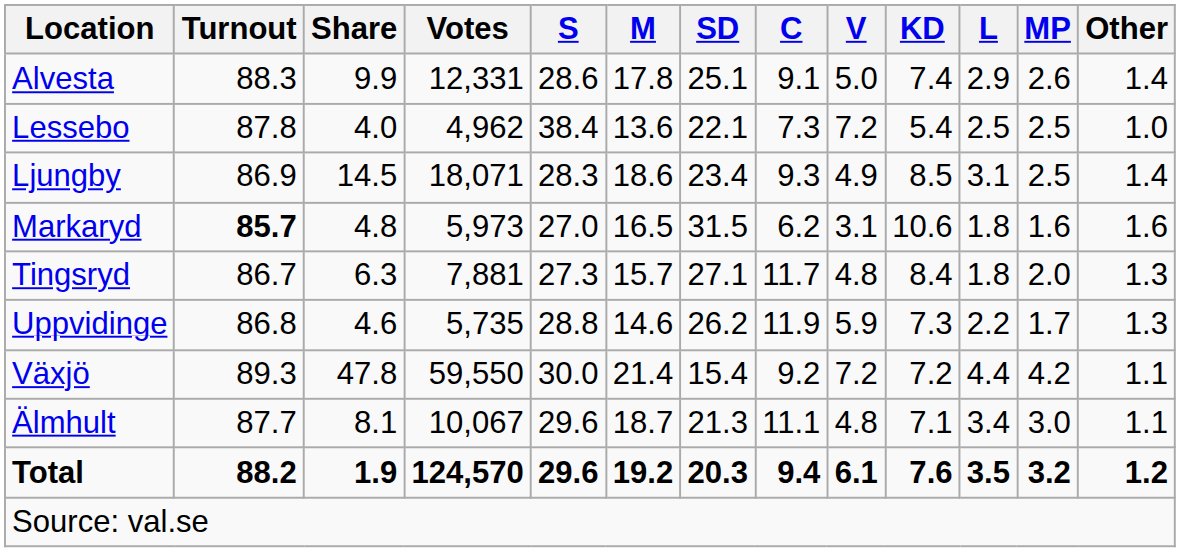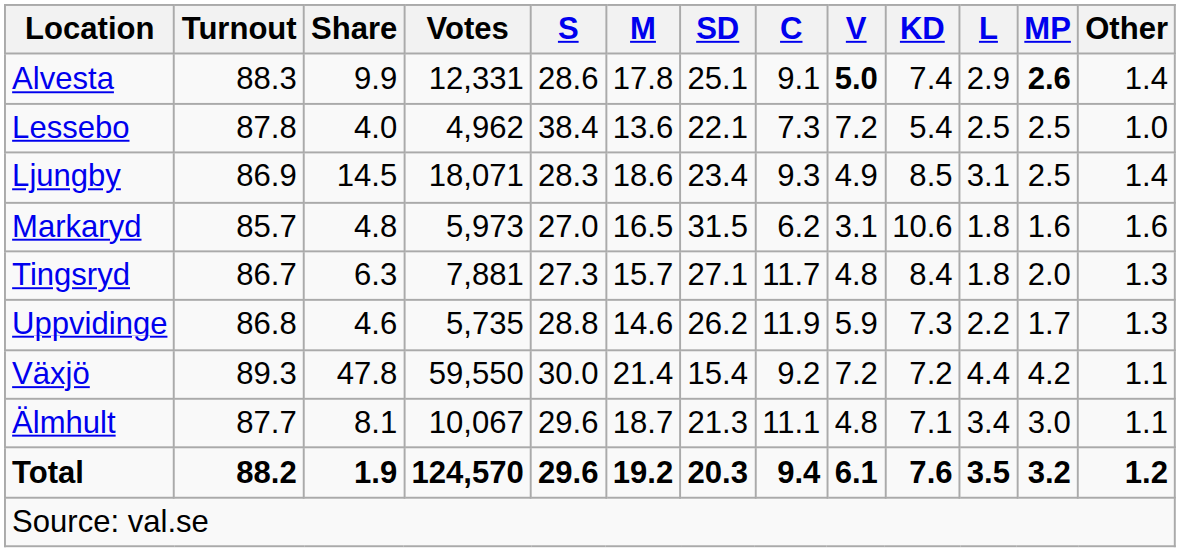 <table class="wikitable sortable" style=text-align:right>
 <tr>
 <th>Location</th>
 <th>Turnout</th>
 <th>Share</th>
 <th>Votes</th>
 <th><a href='#'>S</a></th>
 <th><a href='#'>M</a></th>
 <th><a href='#'>SD</a></th>
 <th><a href='#'>C</a></th>
 <th><a href='#'>V</a></th>
 <th><a href='#'>KD</a></th>
 <th><a href='#'>L</a></th>
 <th><a href='#'>MP</a></th>
 <th>Other</th>
 </tr>
 <tr>
 <td align=left><a href='#'>Alvesta</a></td>
 <td>88.3</td>
 <td>9.9</td>
 <td>12,331</td>
 <td>28.6</td>
 <td>17.8</td>
 <td>25.1</td>
 <td>9.1</td>
-<td>5.0</td>
+<td><strong>5.0</strong></td>
 <td>7.4</td>
 <td>2.9</td>
-<td>2.6</td>
+<td><strong>2.6</strong></td>
 <td>1.4</td>
 </tr>
 <tr>
 <td align=left><a href='#'>Lessebo</a></td>
 <td>87.8</td>
 <td>4.0</td>
 <td>4,962</td>
 <td>38.4</td>
 <td>13.6</td>
 <td>22.1</td>
 <td>7.3</td>
 <td>7.2</td>
 <td>5.4</td>
 <td>2.5</td>
 <td>2.5</td>
 <td>1.0</td>
 </tr>
 <tr>
 <td align=left><a href='#'>Ljungby</a></td>
 <td>86.9</td>
 <td>14.5</td>
 <td>18,071</td>
 <td>28.3</td>
 <td>18.6</td>
 <td>23.4</td>
 <td>9.3</td>
 <td>4.9</td>
 <td>8.5</td>
 <td>3.1</td>
 <td>2.5</td>
 <td>1.4</td>
 </tr>
 <tr>
 <td align=left><a href='#'>Markaryd</a></td>
-<td><strong>85.7</strong></td>
+<td>85.7</td>
 <td>4.8</td>
 <td>5,973</td>
 <td>27.0</td>
 <td>16.5</td>
 <td>31.5</td>
 <td>6.2</td>
 <td>3.1</td>
 <td>10.6</td>
 <td>1.8</td>
 <td>1.6</td>
 <td>1.6</td>
 </tr>
 <tr>
 <td align=left><a href='#'>Tingsryd</a></td>
 <td>86.7</td>
 <td>6.3</td>
 <td>7,881</td>
 <td>27.3</td>
 <td>15.7</td>
 <td>27.1</td>
 <td>11.7</td>
 <td>4.8</td>
 <td>8.4</td>
 <td>1.8</td>
 <td>2.0</td>
 <td>1.3</td>
 </tr>
 <tr>
 <td align=left><a href='#'>Uppvidinge</a></td>
 <td>86.8</td>
 <td>4.6</td>
 <td>5,735</td>
 <td>28.8</td>
 <td>14.6</td>
 <td>26.2</td>
 <td>11.9</td>
 <td>5.9</td>
 <td>7.3</td>
 <td>2.2</td>
 <td>1.7</td>
 <td>1.3</td>
 </tr>
 <tr>
 <td align=left><a href='#'>Växjö</a></td>
 <td>89.3</td>
 <td>47.8</td>
 <td>59,550</td>
 <td>30.0</td>
 <td>21.4</td>
 <td>15.4</td>
 <td>9.2</td>
 <td>7.2</td>
 <td>7.2</td>
 <td>4.4</td>
 <td>4.2</td>
 <td>1.1</td>
 </tr>
 <tr>
 <td align=left><a href='#'>Älmhult</a></td>
 <td>87.7</td>
 <td>8.1</td>
 <td>10,067</td>
 <td>29.6</td>
 <td>18.7</td>
 <td>21.3</td>
 <td>11.1</td>
 <td>4.8</td>
 <td>7.1</td>
 <td>3.4</td>
 <td>3.0</td>
 <td>1.1</td>
 </tr>
 <tr>
 <td align=left><strong>Total</strong></td>
 <td><strong>88.2</strong></td>
 <td><strong>1.9</strong></td>
 <td><strong>124,570</strong></td>
 <td><strong>29.6</strong></td>
 <td><strong>19.2</strong></td>
 <td><strong>20.3</strong></td>
 <td><strong>9.4</strong></td>
 <td><strong>6.1</strong></td>
 <td><strong>7.6</strong></td>
 <td><strong>3.5</strong></td>
 <td><strong>3.2</strong></td>
 <td><strong>1.2</strong></td>
 </tr>
 <tr>
 <td align=left colspan=13>Source: val.se</td>
 </tr>
 </table>
